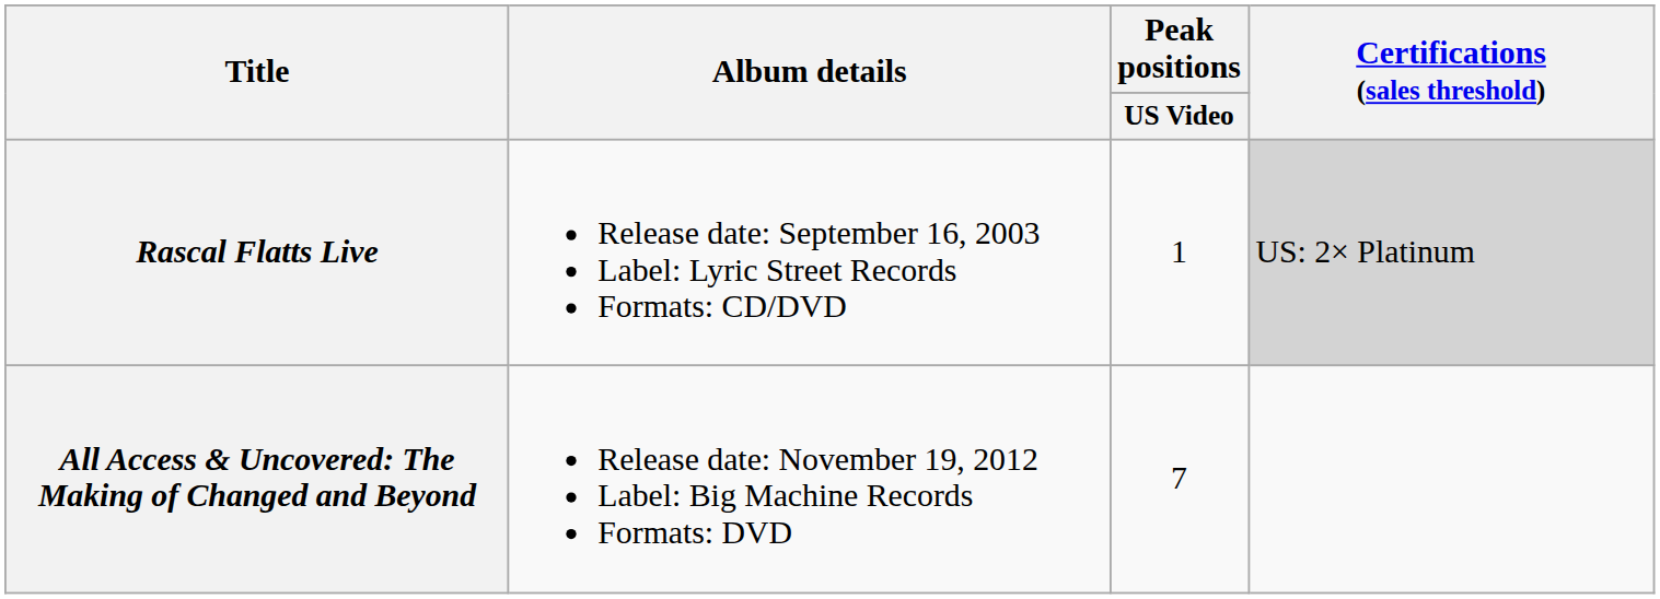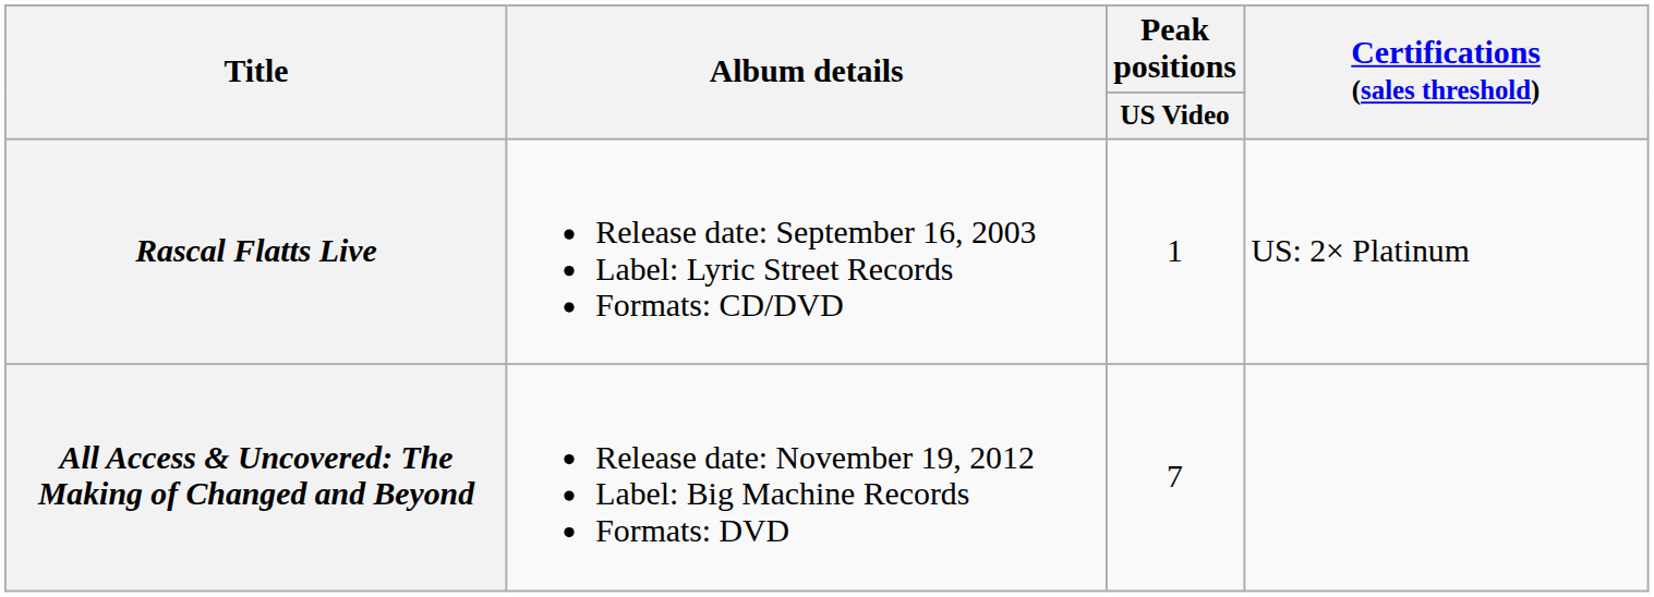 <table class="wikitable plainrowheaders" style="text-align:center;">
 <tr>
 <th scope="col" rowspan="2" style="width:15em;">Title</th>
 <th scope="col" rowspan="2" style="width:18em;">Album details</th>
 <th scope="col" colspan="1">Peak positions</th>
 <th scope="col" rowspan="2" style="width:12em;"><a href='#'>Certifications</a><br><small>(<a href='#'>sales threshold</a>)</small></th>
 </tr>
 <tr>
 <th scope="col" style="width:4em;font-size:85%;">US Video</th>
 </tr>
 <tr>
 <th scope="row"><em>Rascal Flatts Live</em></th>
 <td style="text-align:left;"><br><ul><li>Release date: September 16, 2003</li><li>Label: Lyric Street Records</li><li>Formats: CD/DVD</li></ul></td>
 <td>1</td>
-<td style="background: lightgrey; text-align:left;">US: 2× Platinum</td>
+<td style="text-align:left;">US: 2× Platinum</td>
 </tr>
 <tr>
 <th scope="row"><em>All Access & Uncovered: The<br>Making of Changed and Beyond</em></th>
 <td style="text-align:left;"><br><ul><li>Release date: November 19, 2012</li><li>Label: Big Machine Records</li><li>Formats: DVD</li></ul></td>
 <td>7</td>
 <td></td>
 </tr>
 </table>
